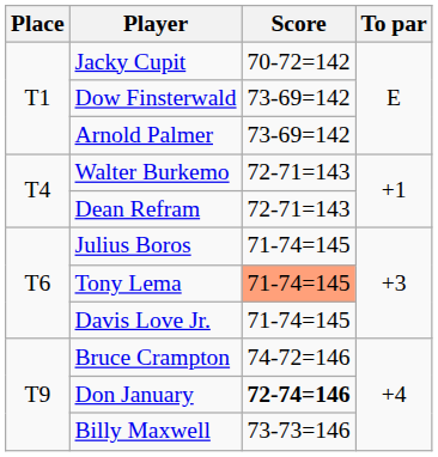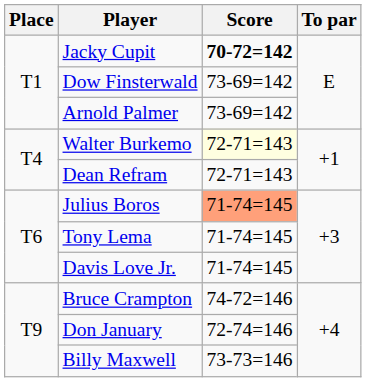 <table class=wikitable>
 <tr>
 <th>Place</th>
 <th>Player</th>
 <th>Score</th>
 <th>To par</th>
 </tr>
 <tr>
 <td align=center rowspan=3>T1</td>
 <td> <a href='#'>Jacky Cupit</a></td>
-<td align=center>70-72=142</td>
+<td align=center><strong>70-72=142</strong></td>
 <td rowspan=3 align=center>E</td>
 </tr>
 <tr>
 <td> <a href='#'>Dow Finsterwald</a></td>
 <td align=center>73-69=142</td>
 </tr>
 <tr>
 <td> <a href='#'>Arnold Palmer</a></td>
 <td align=center>73-69=142</td>
 </tr>
 <tr>
 <td align=center rowspan=2>T4</td>
 <td> <a href='#'>Walter Burkemo</a></td>
-<td align=center>72-71=143</td>
+<td align=center style="background: lightyellow;">72-71=143</td>
 <td rowspan=2 align=center>+1</td>
 </tr>
 <tr>
 <td> <a href='#'>Dean Refram</a></td>
 <td align=center>72-71=143</td>
 </tr>
 <tr>
 <td align=center rowspan=3>T6</td>
 <td> <a href='#'>Julius Boros</a></td>
-<td align=center>71-74=145</td>
+<td align=center style="background: lightsalmon;">71-74=145</td>
 <td rowspan=3 align=center>+3</td>
 </tr>
 <tr>
 <td> <a href='#'>Tony Lema</a></td>
-<td align=center style="background: lightsalmon;">71-74=145</td>
+<td align=center>71-74=145</td>
 </tr>
 <tr>
 <td> <a href='#'>Davis Love Jr.</a></td>
 <td align=center>71-74=145</td>
 </tr>
 <tr>
 <td align=center rowspan=3>T9</td>
 <td> <a href='#'>Bruce Crampton</a></td>
 <td align=center>74-72=146</td>
 <td rowspan=3 align=center>+4</td>
 </tr>
 <tr>
 <td> <a href='#'>Don January</a></td>
-<td align=center><strong>72-74=146</strong></td>
+<td align=center>72-74=146</td>
 </tr>
 <tr>
 <td> <a href='#'>Billy Maxwell</a></td>
 <td align=center>73-73=146</td>
 </tr>
 </table>
